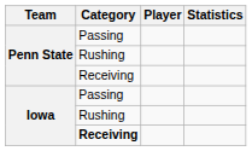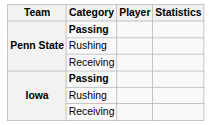 <table class="wikitable" style="float:right">
 <tr>
 <th>Team</th>
 <th>Category</th>
 <th>Player</th>
 <th>Statistics</th>
 </tr>
 <tr>
 <th rowspan=3>Penn State</th>
-<td>Passing</td>
+<td><strong>Passing</strong></td>
 <td></td>
 <td></td>
 </tr>
 <tr>
 <td>Rushing</td>
 <td></td>
 <td></td>
 </tr>
 <tr>
 <td>Receiving</td>
 <td></td>
 <td></td>
 </tr>
 <tr>
 <th rowspan=3>Iowa</th>
-<td>Passing</td>
+<td><strong>Passing</strong></td>
 <td></td>
 <td></td>
 </tr>
 <tr>
 <td>Rushing</td>
 <td></td>
 <td></td>
 </tr>
 <tr>
-<td><strong>Receiving</strong></td>
+<td>Receiving</td>
 <td></td>
 <td></td>
 </tr>
 </table>
